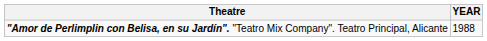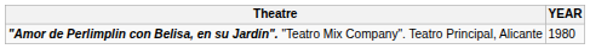 <table class="wikitable sortable">
 <tr>
 <th>Theatre</th>
 <th>YEAR</th>
 </tr>
 <tr>
 <td><strong><em>"Amor de Perlimplin con Belisa, en su Jardín".</em></strong> "Teatro Mix Company". Teatro Principal, Alicante</td>
-<td>1988</td>
+<td>1980</td>
 </tr>
 </table>
